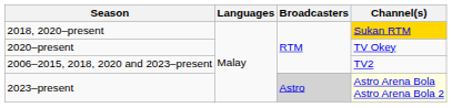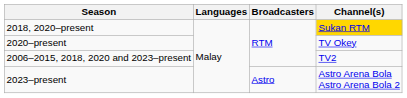 <table class="wikitable">
 <tr>
 <th>Season</th>
 <th>Languages</th>
 <th>Broadcasters</th>
 <th>Channel(s)</th>
 </tr>
 <tr>
 <td>2018, 2020–present</td>
 <td rowspan="4">Malay</td>
 <td rowspan="3"> <a href='#'>RTM</a></td>
 <td style="background: gold;"><a href='#'>Sukan RTM</a></td>
 </tr>
 <tr>
 <td>2020–present</td>
 <td><a href='#'>TV Okey</a></td>
 </tr>
 <tr>
 <td>2006–2015, 2018, 2020 and 2023–present</td>
 <td><a href='#'>TV2</a></td>
 </tr>
 <tr>
 <td>2023–present</td>
-<td style="background: lightgrey;"> <a href='#'>Astro</a></td>
-<td style="background: lightyellow;"><a href='#'>Astro Arena Bola</a><br><a href='#'>Astro Arena Bola 2</a></td>
+<td> <a href='#'>Astro</a></td>
+<td><a href='#'>Astro Arena Bola</a><br><a href='#'>Astro Arena Bola 2</a></td>
 </tr>
 </table>
